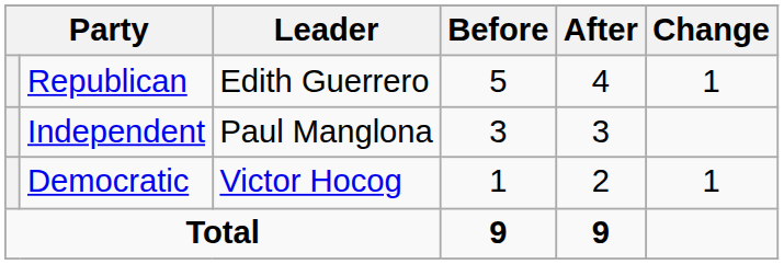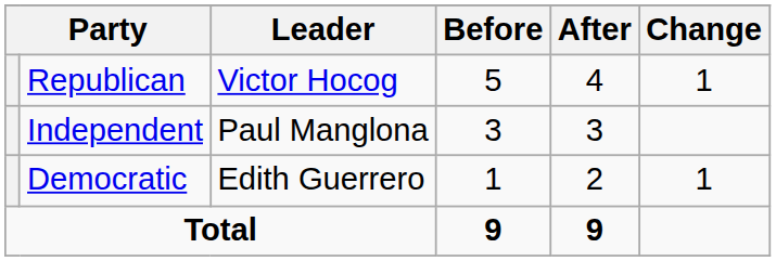 <table class="wikitable" style="text-align:center;">
 <tr>
 </tr>
 <tr>
 <th colspan=2>Party</th>
 <th>Leader</th>
 <th>Before</th>
 <th>After</th>
 <th>Change</th>
 </tr>
 <tr>
 <th style="background-color:"></th>
 <td style="text-align:left;"><a href='#'>Republican</a></td>
-<td style="text-align:left;">Edith Guerrero</td>
+<td style="text-align:left;"><a href='#'>Victor Hocog</a></td>
 <td>5</td>
 <td>4</td>
 <td> 1</td>
 </tr>
 <tr>
 <th style="background-color:"></th>
 <td style="text-align:left;"><a href='#'>Independent</a></td>
 <td style="text-align:left;">Paul Manglona</td>
 <td>3</td>
 <td>3</td>
 <td></td>
 </tr>
 <tr>
 <th style="background-color:"></th>
 <td style="text-align:left;"><a href='#'>Democratic</a></td>
-<td style="text-align:left;"><a href='#'>Victor Hocog</a></td>
+<td style="text-align:left;">Edith Guerrero</td>
 <td>1</td>
 <td>2</td>
 <td> 1</td>
 </tr>
 <tr>
 <td colspan=3><strong>Total</strong></td>
 <td><strong>9</strong></td>
 <td><strong>9</strong></td>
 <td></td>
 </tr>
 </table>
